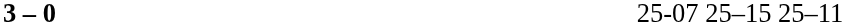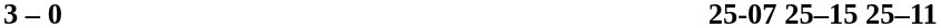 <table width=100% cellspacing=1>
 <tr>
 <th width=20%></th>
 <th width=12%></th>
 <th width=20%></th>
 <th width=33%></th>
 <td></td>
 </tr>
 <tr style=font-size:90%>
 <td align=right><strong></strong></td>
 <td align=center><strong>3 – 0</strong></td>
 <td></td>
-<td>25-07 25–15 25–11</td>
+<td><strong>25-07 25–15 25–11</strong></td>
 </tr>
 </table>
